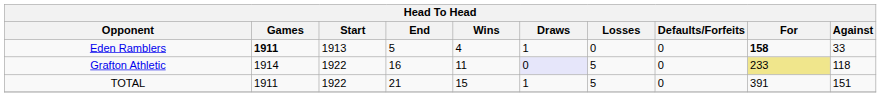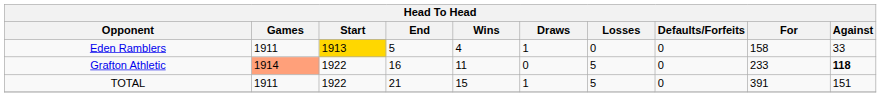 <table class="wikitable collapsible sortable" style="text-align:left; font-size:100%; width:100%;">
 <tr>
 <th colspan="100%">Head To Head</th>
 </tr>
 <tr>
 <th style="width:30%;">Opponent</th>
 <th style="width:8%;">Games</th>
 <th style="width:8%;">Start</th>
 <th style="width:8%;">End</th>
 <th style="width:8%;">Wins</th>
 <th style="width:8%;">Draws</th>
 <th style="width:8%;">Losses</th>
 <th style="width:8%;">Defaults/Forfeits</th>
 <th style="width:10%;">For</th>
 <th style="width:10%;">Against<br></th>
 </tr>
 <tr>
 <td style="text-align:center;"><a href='#'>Eden Ramblers</a></td>
-<td><strong>1911</strong></td>
-<td>1913</td>
+<td>1911</td>
+<td style="background: gold;">1913</td>
 <td>5</td>
 <td>4</td>
 <td>1</td>
 <td>0</td>
 <td>0</td>
-<td><strong>158</strong></td>
+<td>158</td>
 <td>33</td>
 </tr>
 <tr>
 <td style="text-align:center;"><a href='#'>Grafton Athletic</a></td>
-<td>1914</td>
+<td style="background: lightsalmon;">1914</td>
 <td>1922</td>
 <td>16</td>
 <td>11</td>
-<td style="background: lavender;">0</td>
+<td>0</td>
 <td>5</td>
 <td>0</td>
-<td style="background: khaki;">233</td>
-<td>118</td>
+<td>233</td>
+<td><strong>118</strong></td>
 </tr>
 <tr>
 <td style="text-align:center;">TOTAL</td>
 <td>1911</td>
 <td>1922</td>
 <td>21</td>
 <td>15</td>
 <td>1</td>
 <td>5</td>
 <td>0</td>
 <td>391</td>
 <td>151</td>
 </tr>
 <tr>
 </tr>
 </table>
